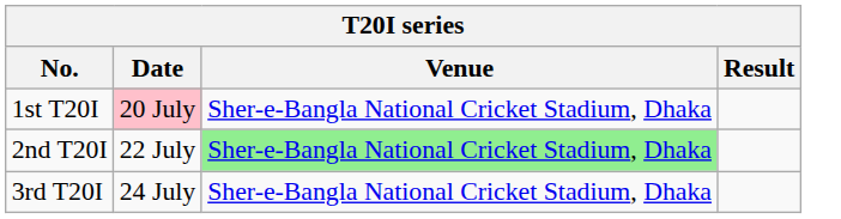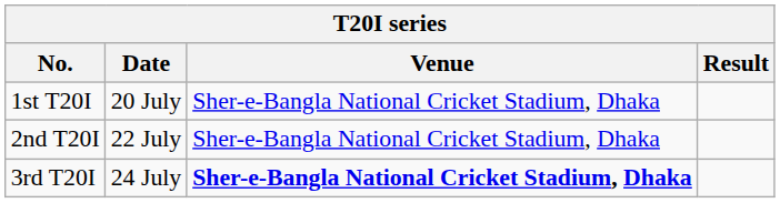 <table class="wikitable">
 <tr>
 <th colspan="4">T20I series</th>
 </tr>
 <tr>
 <th>No.</th>
 <th>Date</th>
 <th>Venue</th>
 <th>Result</th>
 </tr>
 <tr>
 <td>1st T20I</td>
-<td style="background: pink;">20 July</td>
+<td>20 July</td>
 <td><a href='#'>Sher-e-Bangla National Cricket Stadium</a>, <a href='#'>Dhaka</a></td>
 <td></td>
 </tr>
 <tr>
 <td>2nd T20I</td>
 <td>22 July</td>
-<td style="background: lightgreen;"><a href='#'>Sher-e-Bangla National Cricket Stadium</a>, <a href='#'>Dhaka</a></td>
+<td><a href='#'>Sher-e-Bangla National Cricket Stadium</a>, <a href='#'>Dhaka</a></td>
 <td></td>
 </tr>
 <tr>
 <td>3rd T20I</td>
 <td>24 July</td>
-<td><a href='#'>Sher-e-Bangla National Cricket Stadium</a>, <a href='#'>Dhaka</a></td>
+<td><strong><a href='#'>Sher-e-Bangla National Cricket Stadium</a>, <a href='#'>Dhaka</a></strong></td>
 <td></td>
 </tr>
 </table>
